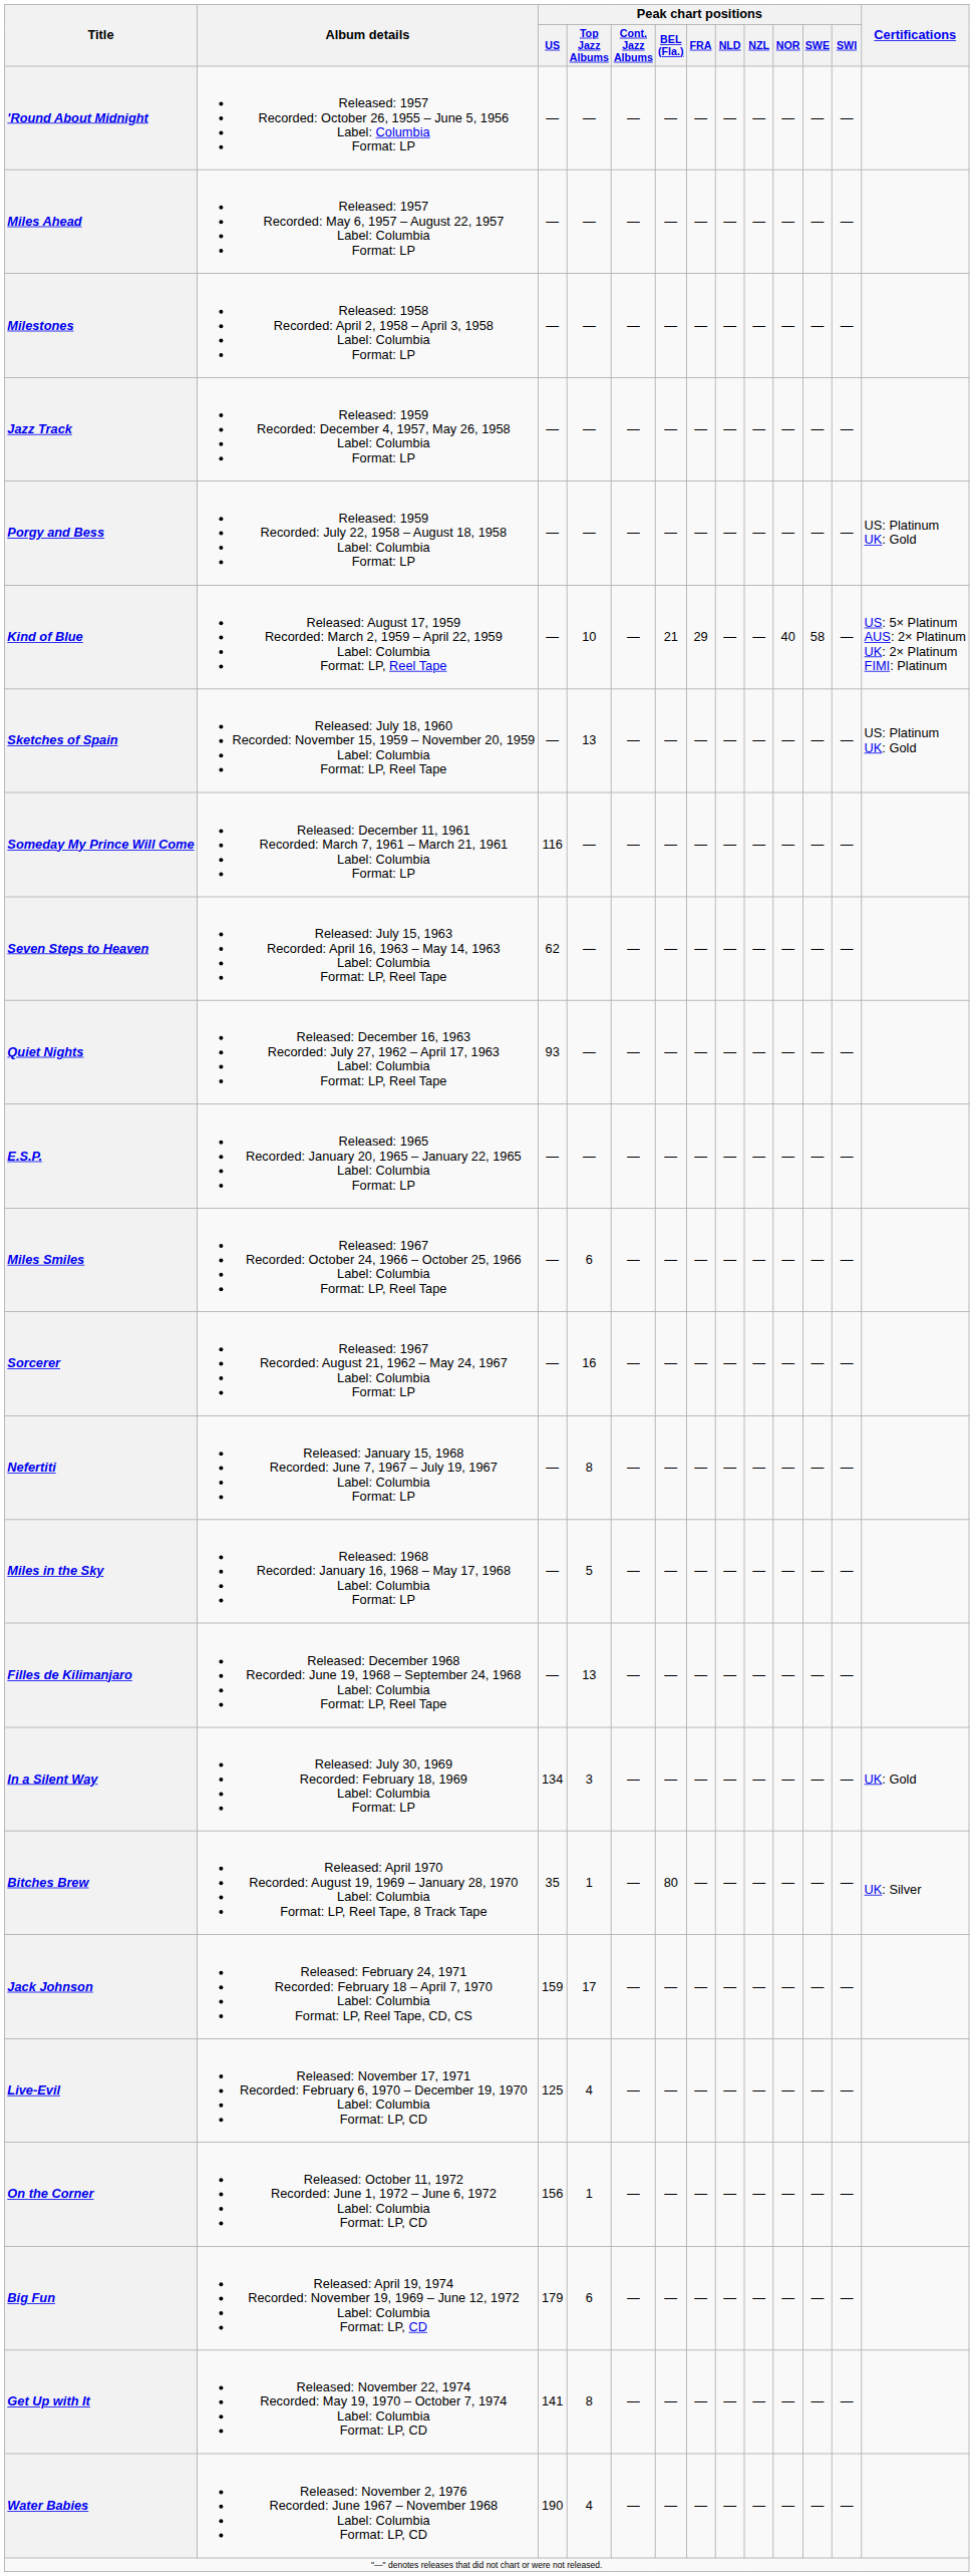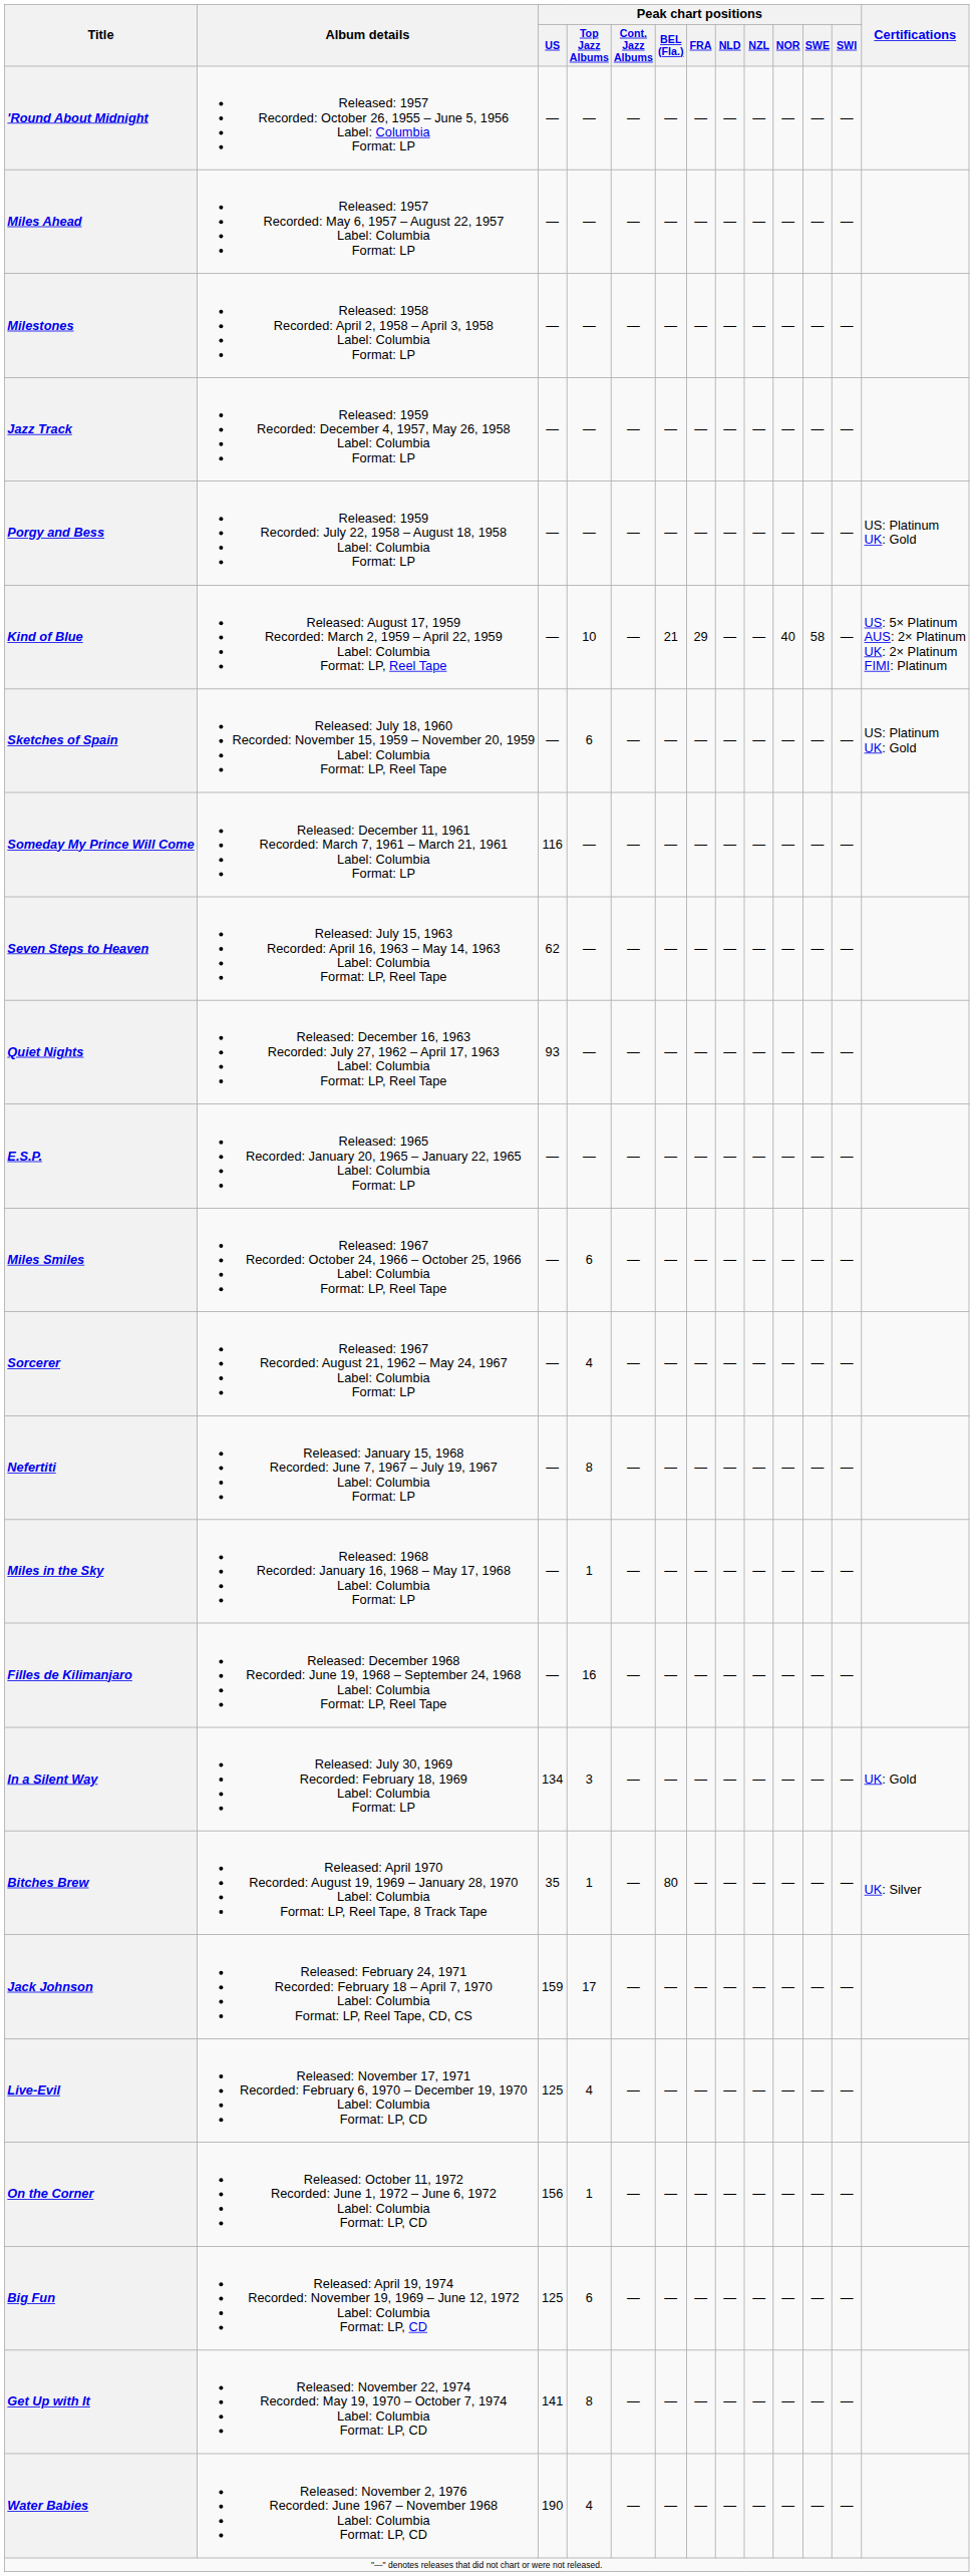 <table class="wikitable plainrowheaders" style="text-align:center">
 <tr>
 <th scope=col rowspan="2">Title</th>
 <th scope=col rowspan="2">Album details</th>
 <th scope=col colspan="10">Peak chart positions</th>
 <th scope=col rowspan="2"><a href='#'>Certifications</a></th>
 </tr>
 <tr style="font-size:smaller;">
 <th width="30"><a href='#'>US</a><br></th>
 <th width="30"><a href='#'>Top <br>Jazz Albums</a><br></th>
 <th width="30"><a href='#'>Cont. <br>Jazz Albums</a><br></th>
 <th width="30"><a href='#'>BEL (Fla.)</a><br></th>
 <th width="30"><a href='#'>FRA</a><br></th>
 <th width="30"><a href='#'>NLD</a><br></th>
 <th width="30"><a href='#'>NZL</a><br></th>
 <th width="30"><a href='#'>NOR</a><br></th>
 <th width="30"><a href='#'>SWE</a><br></th>
 <th width="30"><a href='#'>SWI</a><br></th>
 </tr>
 <tr>
 <th scope=row style="text-align:left"><em><a href='#'>'Round About Midnight</a></em></th>
 <td><br><ul><li>Released: 1957</li><li>Recorded: October 26, 1955 – June 5, 1956</li><li>Label: <a href='#'>Columbia</a></li><li>Format: LP</li></ul></td>
 <td>—</td>
 <td>—</td>
 <td>—</td>
 <td>—</td>
 <td>—</td>
 <td>—</td>
 <td>—</td>
 <td>—</td>
 <td>—</td>
 <td>—</td>
 <td></td>
 </tr>
 <tr>
 <th scope=row style="text-align:left"><em><a href='#'>Miles Ahead</a></em></th>
 <td><br><ul><li>Released: 1957</li><li>Recorded: May 6, 1957 – August 22, 1957</li><li>Label: Columbia</li><li>Format: LP</li></ul></td>
 <td>—</td>
 <td>—</td>
 <td>—</td>
 <td>—</td>
 <td>—</td>
 <td>—</td>
 <td>—</td>
 <td>—</td>
 <td>—</td>
 <td>—</td>
 <td></td>
 </tr>
 <tr>
 <th scope=row style="text-align:left"><em><a href='#'>Milestones</a></em></th>
 <td><br><ul><li>Released: 1958</li><li>Recorded: April 2, 1958 – April 3, 1958</li><li>Label: Columbia</li><li>Format: LP</li></ul></td>
 <td>—</td>
 <td>—</td>
 <td>—</td>
 <td>—</td>
 <td>—</td>
 <td>—</td>
 <td>—</td>
 <td>—</td>
 <td>—</td>
 <td>—</td>
 <td></td>
 </tr>
 <tr>
 <th scope=row style="text-align:left"><em><a href='#'>Jazz Track</a></em></th>
 <td><br><ul><li>Released: 1959</li><li>Recorded: December 4, 1957, May 26, 1958</li><li>Label: Columbia</li><li>Format: LP</li></ul></td>
 <td>—</td>
 <td>—</td>
 <td>—</td>
 <td>—</td>
 <td>—</td>
 <td>—</td>
 <td>—</td>
 <td>—</td>
 <td>—</td>
 <td>—</td>
 <td></td>
 </tr>
 <tr>
 <th scope=row style="text-align:left"><em><a href='#'>Porgy and Bess</a></em></th>
 <td><br><ul><li>Released: 1959</li><li>Recorded: July 22, 1958 – August 18, 1958</li><li>Label: Columbia</li><li>Format: LP</li></ul></td>
 <td>—</td>
 <td>—</td>
 <td>—</td>
 <td>—</td>
 <td>—</td>
 <td>—</td>
 <td>—</td>
 <td>—</td>
 <td>—</td>
 <td>—</td>
 <td style="text-align:left">US: Platinum<br><a href='#'>UK</a>: Gold</td>
 </tr>
 <tr>
 <th scope=row style="text-align:left"><em><a href='#'>Kind of Blue</a></em></th>
 <td><br><ul><li>Released: August 17, 1959</li><li>Recorded: March 2, 1959 – April 22, 1959</li><li>Label: Columbia</li><li>Format: LP, <a href='#'>Reel Tape</a></li></ul></td>
 <td>—</td>
 <td>10</td>
 <td>—</td>
 <td>21</td>
 <td>29</td>
 <td>—</td>
 <td>—</td>
 <td>40</td>
 <td>58</td>
 <td>—</td>
 <td style="text-align:left"><br><a href='#'>US</a>: 5× Platinum<br> <a href='#'>AUS</a>: 2× Platinum<br> <a href='#'>UK</a>: 2× Platinum<br> <a href='#'>FIMI</a>: Platinum</td>
 </tr>
 <tr>
 <th scope=row style="text-align:left"><em><a href='#'>Sketches of Spain</a></em></th>
 <td><br><ul><li>Released: July 18, 1960</li><li>Recorded: November 15, 1959 – November 20, 1959</li><li>Label: Columbia</li><li>Format: LP, Reel Tape</li></ul></td>
 <td>—</td>
-<td>13</td>
+<td>6</td>
 <td>—</td>
 <td>—</td>
 <td>—</td>
 <td>—</td>
 <td>—</td>
 <td>—</td>
 <td>—</td>
 <td>—</td>
 <td style="text-align:left">US: Platinum<br><a href='#'>UK</a>: Gold</td>
 </tr>
 <tr>
 <th scope=row style="text-align:left"><em><a href='#'>Someday My Prince Will Come</a></em></th>
 <td><br><ul><li>Released: December 11, 1961</li><li>Recorded: March 7, 1961 – March 21, 1961</li><li>Label: Columbia</li><li>Format: LP</li></ul></td>
 <td>116</td>
 <td>—</td>
 <td>—</td>
 <td>—</td>
 <td>—</td>
 <td>—</td>
 <td>—</td>
 <td>—</td>
 <td>—</td>
 <td>—</td>
 <td></td>
 </tr>
 <tr>
 <th scope="row" style="text-align:left"><em><a href='#'>Seven Steps to Heaven</a></em></th>
 <td><br><ul><li>Released: July 15, 1963</li><li>Recorded: April 16, 1963 – May 14, 1963</li><li>Label: Columbia</li><li>Format: LP, Reel Tape</li></ul></td>
 <td>62</td>
 <td>—</td>
 <td>—</td>
 <td>—</td>
 <td>—</td>
 <td>—</td>
 <td>—</td>
 <td>—</td>
 <td>—</td>
 <td>—</td>
 <td></td>
 </tr>
 <tr>
 <th scope=row style="text-align:left"><em><a href='#'>Quiet Nights</a></em></th>
 <td><br><ul><li>Released: December 16, 1963</li><li>Recorded: July 27, 1962 – April 17, 1963</li><li>Label: Columbia</li><li>Format: LP, Reel Tape</li></ul></td>
 <td>93</td>
 <td>—</td>
 <td>—</td>
 <td>—</td>
 <td>—</td>
 <td>—</td>
 <td>—</td>
 <td>—</td>
 <td>—</td>
 <td>—</td>
 <td></td>
 </tr>
 <tr>
 <th scope=row style="text-align:left"><em><a href='#'>E.S.P.</a></em></th>
 <td><br><ul><li>Released: 1965</li><li>Recorded: January 20, 1965 – January 22, 1965</li><li>Label: Columbia</li><li>Format: LP</li></ul></td>
 <td>—</td>
 <td>—</td>
 <td>—</td>
 <td>—</td>
 <td>—</td>
 <td>—</td>
 <td>—</td>
 <td>—</td>
 <td>—</td>
 <td>—</td>
 <td></td>
 </tr>
 <tr>
 <th scope=row style="text-align:left"><em><a href='#'>Miles Smiles</a></em></th>
 <td><br><ul><li>Released: 1967</li><li>Recorded: October 24, 1966 – October 25, 1966</li><li>Label: Columbia</li><li>Format: LP, Reel Tape</li></ul></td>
 <td>—</td>
 <td>6</td>
 <td>—</td>
 <td>—</td>
 <td>—</td>
 <td>—</td>
 <td>—</td>
 <td>—</td>
 <td>—</td>
 <td>—</td>
 <td></td>
 </tr>
 <tr>
 <th scope=row style="text-align:left"><em><a href='#'>Sorcerer</a></em></th>
 <td><br><ul><li>Released: 1967</li><li>Recorded: August 21, 1962 – May 24, 1967</li><li>Label: Columbia</li><li>Format: LP</li></ul></td>
 <td>—</td>
-<td>16</td>
+<td>4</td>
 <td>—</td>
 <td>—</td>
 <td>—</td>
 <td>—</td>
 <td>—</td>
 <td>—</td>
 <td>—</td>
 <td>—</td>
 <td></td>
 </tr>
 <tr>
 <th scope=row style="text-align:left"><em><a href='#'>Nefertiti</a></em></th>
 <td><br><ul><li>Released: January 15, 1968</li><li>Recorded: June 7, 1967 – July 19, 1967</li><li>Label: Columbia</li><li>Format: LP</li></ul></td>
 <td>—</td>
 <td>8</td>
 <td>—</td>
 <td>—</td>
 <td>—</td>
 <td>—</td>
 <td>—</td>
 <td>—</td>
 <td>—</td>
 <td>—</td>
 <td></td>
 </tr>
 <tr>
 <th scope=row style="text-align:left"><em><a href='#'>Miles in the Sky</a></em></th>
 <td><br><ul><li>Released: 1968</li><li>Recorded: January 16, 1968 – May 17, 1968</li><li>Label: Columbia</li><li>Format: LP</li></ul></td>
 <td>—</td>
-<td>5</td>
+<td>1</td>
 <td>—</td>
 <td>—</td>
 <td>—</td>
 <td>—</td>
 <td>—</td>
 <td>—</td>
 <td>—</td>
 <td>—</td>
 <td></td>
 </tr>
 <tr>
 <th scope=row style="text-align:left"><em><a href='#'>Filles de Kilimanjaro</a></em></th>
 <td><br><ul><li>Released: December 1968</li><li>Recorded: June 19, 1968 – September 24, 1968</li><li>Label: Columbia</li><li>Format: LP, Reel Tape</li></ul></td>
 <td>—</td>
-<td>13</td>
+<td>16</td>
 <td>—</td>
 <td>—</td>
 <td>—</td>
 <td>—</td>
 <td>—</td>
 <td>—</td>
 <td>—</td>
 <td>—</td>
 <td></td>
 </tr>
 <tr>
 <th scope=row style="text-align:left"><em><a href='#'>In a Silent Way</a></em></th>
 <td><br><ul><li>Released: July 30, 1969</li><li>Recorded: February 18, 1969</li><li>Label: Columbia</li><li>Format: LP</li></ul></td>
 <td>134</td>
 <td>3</td>
 <td>—</td>
 <td>—</td>
 <td>—</td>
 <td>—</td>
 <td>—</td>
 <td>—</td>
 <td>—</td>
 <td>—</td>
 <td style="text-align:left"><a href='#'>UK</a>: Gold</td>
 </tr>
 <tr>
 <th scope=row style="text-align:left"><em><a href='#'>Bitches Brew</a></em></th>
 <td><br><ul><li>Released: April 1970</li><li>Recorded: August 19, 1969 – January 28, 1970</li><li>Label: Columbia</li><li>Format: LP, Reel Tape, 8 Track Tape</li></ul></td>
 <td>35</td>
 <td>1</td>
 <td>—</td>
 <td>80</td>
 <td>—</td>
 <td>—</td>
 <td>—</td>
 <td>—</td>
 <td>—</td>
 <td>—</td>
 <td style="text-align:left"><br><a href='#'>UK</a>: Silver</td>
 </tr>
 <tr>
 <th scope=row style="text-align:left"><em><a href='#'>Jack Johnson</a></em></th>
 <td><br><ul><li>Released: February 24, 1971</li><li>Recorded: February 18 – April 7, 1970</li><li>Label: Columbia</li><li>Format: LP, Reel Tape, CD, CS</li></ul></td>
 <td>159</td>
 <td>17</td>
 <td>—</td>
 <td>—</td>
 <td>—</td>
 <td>—</td>
 <td>—</td>
 <td>—</td>
 <td>—</td>
 <td>—</td>
 <td></td>
 </tr>
 <tr>
 <th scope=row style="text-align:left"><em><a href='#'>Live-Evil</a></em></th>
 <td><br><ul><li>Released: November 17, 1971</li><li>Recorded: February 6, 1970 – December 19, 1970</li><li>Label: Columbia</li><li>Format: LP, CD</li></ul></td>
 <td>125</td>
 <td>4</td>
 <td>—</td>
 <td>—</td>
 <td>—</td>
 <td>—</td>
 <td>—</td>
 <td>—</td>
 <td>—</td>
 <td>—</td>
 <td></td>
 </tr>
 <tr>
 <th scope=row style="text-align:left"><em><a href='#'>On the Corner</a></em></th>
 <td><br><ul><li>Released: October 11, 1972</li><li>Recorded: June 1, 1972 – June 6, 1972</li><li>Label: Columbia</li><li>Format: LP, CD</li></ul></td>
 <td>156</td>
 <td>1</td>
 <td>—</td>
 <td>—</td>
 <td>—</td>
 <td>—</td>
 <td>—</td>
 <td>—</td>
 <td>—</td>
 <td>—</td>
 <td></td>
 </tr>
 <tr>
 <th scope=row style="text-align:left"><em><a href='#'>Big Fun</a></em></th>
 <td><br><ul><li>Released: April 19, 1974</li><li>Recorded: November 19, 1969 – June 12, 1972</li><li>Label: Columbia</li><li>Format: LP, <a href='#'>CD</a></li></ul></td>
-<td>179</td>
+<td>125</td>
 <td>6</td>
 <td>—</td>
 <td>—</td>
 <td>—</td>
 <td>—</td>
 <td>—</td>
 <td>—</td>
 <td>—</td>
 <td>—</td>
 <td></td>
 </tr>
 <tr>
 <th scope=row style="text-align:left"><em><a href='#'>Get Up with It</a></em></th>
 <td><br><ul><li>Released: November 22, 1974</li><li>Recorded: May 19, 1970 – October 7, 1974</li><li>Label: Columbia</li><li>Format: LP, CD</li></ul></td>
 <td>141</td>
 <td>8</td>
 <td>—</td>
 <td>—</td>
 <td>—</td>
 <td>—</td>
 <td>—</td>
 <td>—</td>
 <td>—</td>
 <td>—</td>
 <td></td>
 </tr>
 <tr>
 <th scope=row style="text-align:left"><em><a href='#'>Water Babies</a></em></th>
 <td><br><ul><li>Released: November 2, 1976</li><li>Recorded: June 1967 – November 1968</li><li>Label: Columbia</li><li>Format: LP, CD</li></ul></td>
 <td>190</td>
 <td>4</td>
 <td>—</td>
 <td>—</td>
 <td>—</td>
 <td>—</td>
 <td>—</td>
 <td>—</td>
 <td>—</td>
 <td>—</td>
 <td></td>
 </tr>
 <tr>
 <td colspan="24" style="font-size:8pt; text-align:center;">"—" denotes releases that did not chart or were not released.</td>
 </tr>
 </table>
